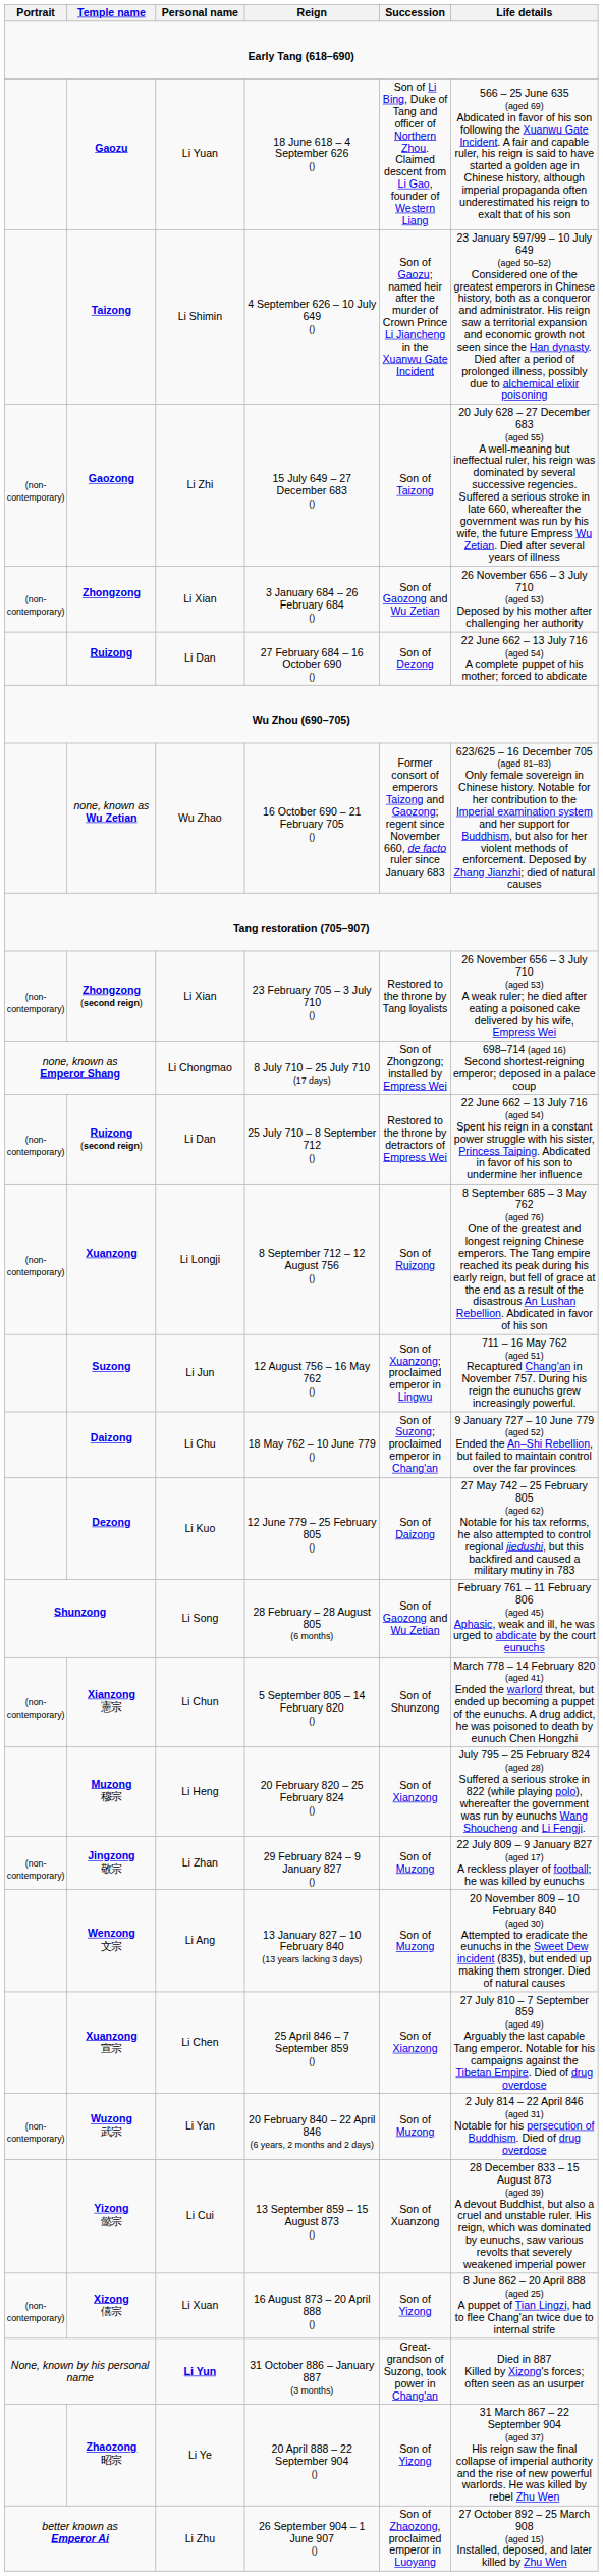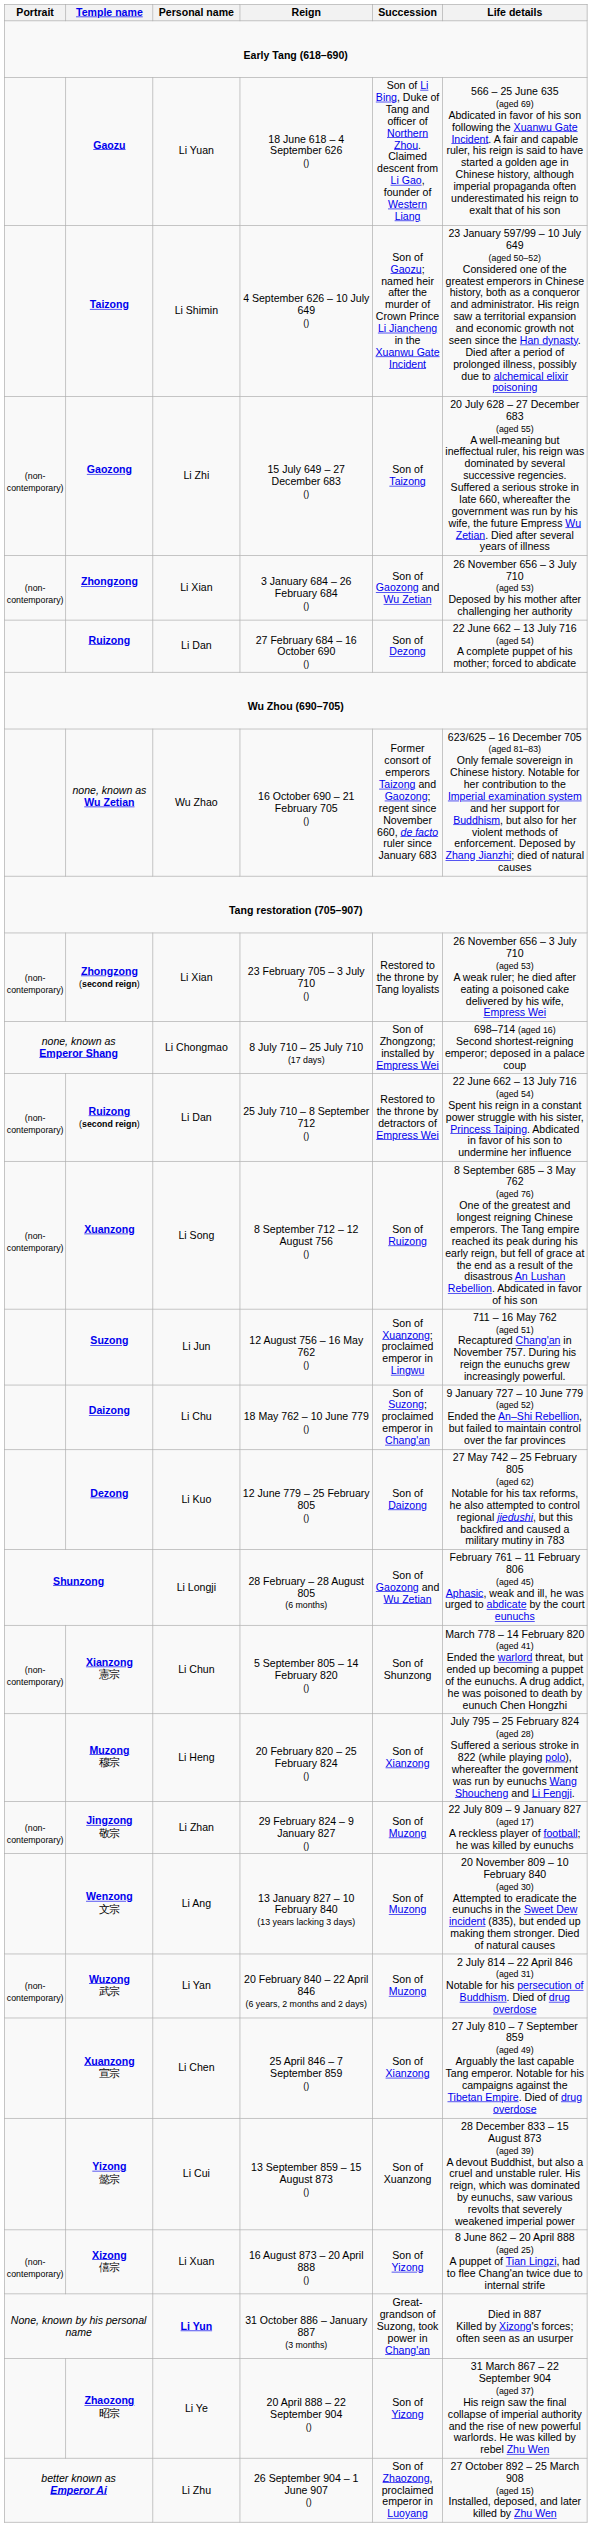 <table class="wikitable plainrowheaders" style="text-align:center; width:100%;">
 <tr>
 <th scope="col" width="10%">Portrait</th>
 <th scope="col" width="15%"><a href='#'>Temple name</a></th>
 <th scope="col" width="15%">Personal name</th>
 <th scope="col" width="23%">Reign</th>
 <th scope="col" width="12%">Succession</th>
 <th scope="col" width="25%">Life details</th>
 </tr>
 <tr>
 <td colspan="6"><br><h4>Early Tang (618–690)</h4></td>
 </tr>
 <tr>
 <td></td>
 <td><strong><a href='#'>Gaozu</a></strong><br><br><small></small></td>
 <td>Li Yuan<br></td>
 <td>18 June 618 – 4 September 626<br><small>()<br></small></td>
 <td>Son of <a href='#'>Li Bing</a>, Duke of Tang and officer of <a href='#'>Northern Zhou</a>. Claimed descent from <a href='#'>Li Gao</a>, founder of <a href='#'>Western Liang</a></td>
 <td>566 – 25 June 635<br><small>(aged 69)</small><br>Abdicated in favor of his son following the <a href='#'>Xuanwu Gate Incident</a>. A fair and capable ruler, his reign is said to have started a golden age in Chinese history, although imperial propaganda often underestimated his reign to exalt that of his son</td>
 </tr>
 <tr>
 <td></td>
 <td><strong><a href='#'>Taizong</a></strong><br><br><small></small></td>
 <td>Li Shimin<br></td>
 <td>4 September 626 – 10 July 649<br><small>()<br></small></td>
 <td>Son of <a href='#'>Gaozu</a>; named heir after the murder of Crown Prince <a href='#'>Li Jiancheng</a> in the <a href='#'>Xuanwu Gate Incident</a></td>
 <td>23 January 597/99 – 10 July 649<br><small>(aged 50–52)</small><br>Considered one of the greatest emperors in Chinese history, both as a conqueror and administrator. His reign saw a territorial expansion and economic growth not seen since the <a href='#'>Han dynasty</a>. Died after a period of prolonged illness, possibly due to <a href='#'>alchemical elixir poisoning</a></td>
 </tr>
 <tr>
 <td><br><small>(non-contemporary)</small></td>
 <td><strong><a href='#'>Gaozong</a></strong><br><br><small></small></td>
 <td>Li Zhi<br></td>
 <td><br>15 July 649 – 27 December 683<br><small>()<br></small></td>
 <td>Son of <a href='#'>Taizong</a></td>
 <td>20 July 628 – 27 December 683<br><small>(aged 55)</small><br>A well-meaning but ineffectual ruler, his reign was dominated by several successive regencies. Suffered a serious stroke in late 660, whereafter the government was run by his wife, the future Empress <a href='#'>Wu Zetian</a>. Died after several years of illness</td>
 </tr>
 <tr>
 <td><br><small>(non-contemporary)</small></td>
 <td><strong><a href='#'>Zhongzong</a></strong><br><br><small></small></td>
 <td>Li Xian<br></td>
 <td><br>3 January 684 – 26 February 684<br><small>()<br></small></td>
 <td>Son of <a href='#'>Gaozong</a> and <a href='#'>Wu Zetian</a></td>
 <td>26 November 656 – 3 July 710<br><small>(aged 53)</small><br>Deposed by his mother after challenging her authority</td>
 </tr>
 <tr>
 <td></td>
 <td><strong><a href='#'>Ruizong</a></strong><br><br><small></small></td>
 <td>Li Dan<br></td>
 <td><br>27 February 684 – 16 October 690<br><small>()<br></small></td>
 <td>Son of <a href='#'>Dezong</a></td>
 <td>22 June 662 – 13 July 716<br><small>(aged 54)</small><br>A complete puppet of his mother; forced to abdicate</td>
 </tr>
 <tr>
 <td colspan="6"><br><h4>Wu Zhou (690–705)</h4></td>
 </tr>
 <tr>
 <td></td>
 <td><em>none, known as</em><br><strong><a href='#'>Wu Zetian</a></strong><br>   <br><small></small></td>
 <td>Wu Zhao<br></td>
 <td><br>16 October 690 – 21 February 705<br><small>()<br></small></td>
 <td>Former consort of emperors <a href='#'>Taizong</a> and <a href='#'>Gaozong</a>; regent since November 660, <em><a href='#'>de facto</a></em> ruler since January 683</td>
 <td>623/625 – 16 December 705<br><small>(aged 81–83)</small><br>Only female sovereign in Chinese history. Notable for her contribution to the <a href='#'>Imperial examination system</a> and her support for <a href='#'>Buddhism</a>, but also for her violent methods of enforcement. Deposed by <a href='#'>Zhang Jianzhi</a>; died of natural causes</td>
 </tr>
 <tr>
 <td colspan="6"><br><h4>Tang restoration (705–907)</h4></td>
 </tr>
 <tr>
 <td><br><small>(non-contemporary)</small></td>
 <td><strong><a href='#'>Zhongzong</a></strong><br><small>(<strong>second reign</strong>)</small></td>
 <td>Li Xian<br></td>
 <td><br>23 February 705 – 3 July 710<br><small>()<br></small></td>
 <td>Restored to the throne by Tang loyalists</td>
 <td>26 November 656 – 3 July 710<br><small>(aged 53)</small><br>A weak ruler; he died after eating a poisoned cake delivered by his wife, <a href='#'>Empress Wei</a></td>
 </tr>
 <tr>
 <td colspan="2"><em>none, known as</em><br><strong><a href='#'>Emperor Shang</a></strong><br></td>
 <td>Li Chongmao<br></td>
 <td><br>8 July 710 – 25 July 710<br><small>(17 days)<br></small></td>
 <td>Son of Zhongzong; installed by <a href='#'>Empress Wei</a></td>
 <td>698–714 <small>(aged 16)</small><br>Second shortest-reigning emperor; deposed in a palace coup</td>
 </tr>
 <tr>
 <td><br><small>(non-contemporary)</small></td>
 <td><strong><a href='#'>Ruizong</a></strong><br><small>(<strong>second reign</strong>)</small></td>
 <td>Li Dan<br></td>
 <td><br>25 July 710 – 8 September 712<br><small>()<br></small></td>
 <td>Restored to the throne by detractors of <a href='#'>Empress Wei</a></td>
 <td>22 June 662 – 13 July 716<br><small>(aged 54)</small><br>Spent his reign in a constant power struggle with his sister, <a href='#'>Princess Taiping</a>. Abdicated in favor of his son to undermine her influence</td>
 </tr>
 <tr>
 <td><br><small>(non-contemporary)</small></td>
 <td><strong><a href='#'>Xuanzong</a></strong><br><br><small></small></td>
-<td>Li Longji<br></td>
+<td>Li Song<br></td>
 <td><br>8 September 712 – 12 August 756<br><small>()<br></small></td>
 <td>Son of <a href='#'>Ruizong</a></td>
 <td>8 September 685 – 3 May 762<br><small>(aged 76)</small><br>One of the greatest and longest reigning Chinese emperors. The Tang empire reached its peak during his early reign, but fell of grace at the end as a result of the disastrous <a href='#'>An Lushan Rebellion</a>. Abdicated in favor of his son</td>
 </tr>
 <tr>
 <td></td>
 <td><strong><a href='#'>Suzong</a></strong><br><br><small></small></td>
 <td>Li Jun<br></td>
 <td><br>12 August 756 – 16 May 762<br><small>()<br></small></td>
 <td>Son of <a href='#'>Xuanzong</a>; proclaimed emperor in <a href='#'>Lingwu</a></td>
 <td>711 – 16 May 762<br><small>(aged 51)</small><br>Recaptured <a href='#'>Chang'an</a> in November 757. During his reign the eunuchs grew increasingly powerful.</td>
 </tr>
 <tr>
 <td></td>
 <td><strong><a href='#'>Daizong</a></strong><br><br><small></small></td>
 <td>Li Chu<br></td>
 <td><br>18 May 762 – 10 June 779<br><small>()<br></small></td>
 <td>Son of <a href='#'>Suzong</a>; proclaimed emperor in <a href='#'>Chang'an</a></td>
 <td>9 January 727 – 10 June 779<br><small>(aged 52)</small><br>Ended the <a href='#'>An–Shi Rebellion</a>, but failed to maintain control over the far provinces</td>
 </tr>
 <tr>
 <td></td>
 <td><strong><a href='#'>Dezong</a></strong><br><br><small></small></td>
 <td>Li Kuo<br></td>
 <td><br>12 June 779 – 25 February 805<br><small>()<br></small></td>
 <td>Son of <a href='#'>Daizong</a></td>
 <td>27 May 742 – 25 February 805<br><small>(aged 62)</small><br>Notable for his tax reforms, he also attempted to control regional <em><a href='#'>jiedushi</a></em>, but this backfired and caused a military mutiny in 783</td>
 </tr>
 <tr>
 <td colspan="2"><strong><a href='#'>Shunzong</a></strong><br><br><small></small></td>
-<td>Li Song<br></td>
+<td>Li Longji<br></td>
 <td><br>28 February – 28 August 805<br><small>(6 months)<br></small></td>
 <td>Son of <a href='#'>Gaozong</a> and <a href='#'>Wu Zetian</a></td>
 <td>February 761 – 11 February 806<br><small>(aged 45)</small><br><a href='#'>Aphasic</a>, weak and ill, he was urged to <a href='#'>abdicate</a> by the court <a href='#'>eunuchs</a></td>
 </tr>
 <tr>
 <td><br><small>(non-contemporary)</small></td>
 <td><strong><a href='#'>Xianzong</a></strong><br>憲宗<br><small></small></td>
 <td>Li Chun<br></td>
 <td><br>5 September 805 – 14 February 820<br><small>()<br></small></td>
 <td>Son of Shunzong</td>
 <td>March 778 – 14 February 820<br><small>(aged 41)</small><br>Ended the <a href='#'>warlord</a> threat, but ended up becoming a puppet of the eunuchs. A drug addict, he was poisoned to death by eunuch Chen Hongzhi</td>
 </tr>
 <tr>
 <td></td>
 <td><strong><a href='#'>Muzong</a></strong><br>穆宗<br><small></small></td>
 <td>Li Heng<br></td>
 <td><br>20 February 820 – 25 February 824<br><small>()<br></small></td>
 <td>Son of <a href='#'>Xianzong</a></td>
 <td>July 795 – 25 February 824<br><small>(aged 28)</small><br>Suffered a serious stroke in 822 (while playing <a href='#'>polo</a>), whereafter the government was run by eunuchs <a href='#'>Wang Shoucheng</a> and <a href='#'>Li Fengji</a>.</td>
 </tr>
 <tr>
 <td><br><small>(non-contemporary)</small></td>
 <td><strong><a href='#'>Jingzong</a></strong><br>敬宗<br><small></small></td>
 <td>Li Zhan<br></td>
 <td><br>29 February 824 – 9 January 827<br><small>()<br></small></td>
 <td>Son of <a href='#'>Muzong</a></td>
 <td>22 July 809 – 9 January 827<br><small>(aged 17)</small><br>A reckless player of <a href='#'>football</a>; he was killed by eunuchs</td>
 </tr>
 <tr>
 <td></td>
 <td><strong><a href='#'>Wenzong</a></strong><br>文宗<br><small></small></td>
 <td>Li Ang<br></td>
 <td><br>13 January 827 – 10 February 840<br><small>(13 years lacking 3 days)<br></small></td>
 <td>Son of <a href='#'>Muzong</a></td>
 <td>20 November 809 – 10 February 840<br><small>(aged 30)</small><br>Attempted to eradicate the eunuchs in the <a href='#'>Sweet Dew incident</a> (835), but ended up making them stronger. Died of natural causes</td>
 </tr>
 <tr>
+<td><br><small>(non-contemporary)</small></td>
+<td><strong><a href='#'>Wuzong</a></strong><br>武宗<br><small></small></td>
+<td>Li Yan<br></td>
+<td><br>20 February 840 – 22 April 846<br><small>(6 years, 2 months and 2 days)<br></small></td>
+<td>Son of <a href='#'>Muzong</a></td>
+<td>2 July 814 – 22 April 846<br><small>(aged 31)</small><br>Notable for his <a href='#'>persecution of Buddhism</a>. Died of <a href='#'>drug overdose</a></td>
+</tr>
+<tr>
 <td></td>
 <td><strong><a href='#'>Xuanzong</a></strong><br>宣宗<br><small></small></td>
 <td>Li Chen<br></td>
 <td><br>25 April 846 – 7 September 859<br><small>()<br></small></td>
 <td>Son of <a href='#'>Xianzong</a></td>
 <td>27 July 810 – 7 September 859<br><small>(aged 49)</small><br>Arguably the last capable Tang emperor. Notable for his campaigns against the <a href='#'>Tibetan Empire</a>. Died of <a href='#'>drug overdose</a></td>
-</tr>
-<tr>
-<td><br><small>(non-contemporary)</small></td>
-<td><strong><a href='#'>Wuzong</a></strong><br>武宗<br><small></small></td>
-<td>Li Yan<br></td>
-<td><br>20 February 840 – 22 April 846<br><small>(6 years, 2 months and 2 days)<br></small></td>
-<td>Son of <a href='#'>Muzong</a></td>
-<td>2 July 814 – 22 April 846<br><small>(aged 31)</small><br>Notable for his <a href='#'>persecution of Buddhism</a>. Died of <a href='#'>drug overdose</a></td>
 </tr>
 <tr>
 <td></td>
 <td><strong><a href='#'>Yizong</a></strong><br>懿宗<br><small></small></td>
 <td>Li Cui<br></td>
 <td><br>13 September 859 – 15 August 873<br><small>()<br></small></td>
 <td>Son of Xuanzong</td>
 <td>28 December 833 – 15 August 873<br><small>(aged 39)</small><br>A devout Buddhist, but also a cruel and unstable ruler. His reign, which was dominated by eunuchs, saw various revolts that severely weakened imperial power</td>
 </tr>
 <tr>
 <td><br><small>(non-contemporary)</small></td>
 <td><strong><a href='#'>Xizong</a></strong><br>僖宗<br><small></small></td>
 <td>Li Xuan<br></td>
 <td><br>16 August 873 – 20 April 888<br><small>()<br></small></td>
 <td>Son of <a href='#'>Yizong</a></td>
 <td>8 June 862 – 20 April 888<br><small>(aged 25)</small><br>A puppet of <a href='#'>Tian Lingzi</a>, had to flee Chang'an twice due to internal strife</td>
 </tr>
 <tr>
 <td colspan="2"><em>None, known by his personal name</em></td>
 <td><strong><a href='#'>Li Yun</a></strong><br></td>
 <td><br>31 October 886 – January 887<br><small>(3 months)<br></small></td>
 <td>Great-grandson of Suzong, took power in <a href='#'>Chang'an</a></td>
 <td>Died in 887<br>Killed by <a href='#'>Xizong</a>'s forces; often seen as an usurper</td>
 </tr>
 <tr>
 <td></td>
 <td><strong><a href='#'>Zhaozong</a></strong><br>昭宗<br><small></small></td>
 <td>Li Ye<br></td>
 <td><br>20 April 888 – 22 September 904<br><small>  ()<br></small></td>
 <td>Son of <a href='#'>Yizong</a></td>
 <td>31 March 867 – 22 September 904<br><small>(aged 37)</small><br>His reign saw the final collapse of imperial authority and the rise of new powerful warlords. He was killed by rebel <a href='#'>Zhu Wen</a></td>
 </tr>
 <tr>
 <td colspan="2"><em>better known as<strong><em><br><a href='#'>Emperor Ai</a><strong><br><br><small></small></td>
 <td>Li Zhu<br></td>
 <td>26 September 904 – 1 June 907<br><small>  ()</small></td>
 <td>Son of <a href='#'>Zhaozong</a>, proclaimed emperor in <a href='#'>Luoyang</a></td>
 <td>27 October 892 – 25 March 908<br><small>(aged 15)</small><br>Installed, deposed, and later killed by <a href='#'>Zhu Wen</a></td>
 </tr>
 </table>
